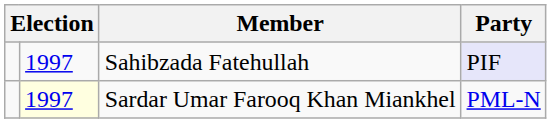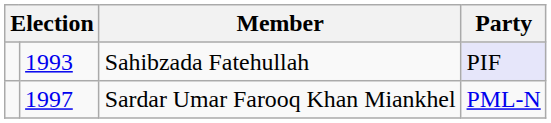 <table class="wikitable">
 <tr>
 <th colspan="2">Election</th>
 <th>Member</th>
 <th>Party</th>
 </tr>
 <tr>
 <td style="background-color: "></td>
-<td><a href='#'>1997</a></td>
+<td><a href='#'>1993</a></td>
 <td>Sahibzada Fatehullah</td>
 <td style="background: lavender;">PIF</td>
 </tr>
 <tr>
 <td style="background-color: "></td>
-<td style="background: lightyellow;"><a href='#'>1997</a></td>
+<td><a href='#'>1997</a></td>
 <td>Sardar Umar Farooq Khan Miankhel</td>
 <td><a href='#'>PML-N</a></td>
 </tr>
 </table>
